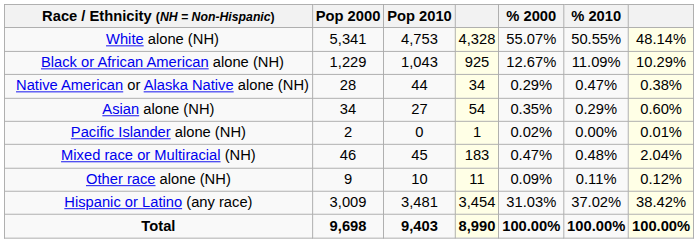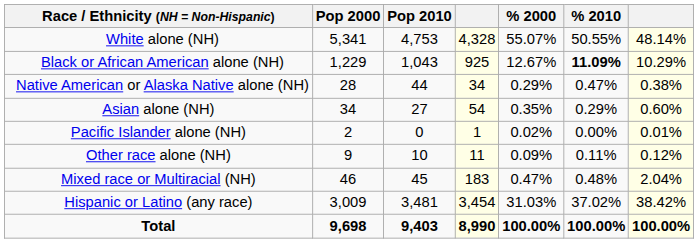 <table class="wikitable" style="text-align:center;">
 <tr>
 <th>Race / Ethnicity <small>(<em>NH = Non-Hispanic</em>)</small></th>
 <th>Pop 2000</th>
 <th>Pop 2010</th>
 <th></th>
 <th>% 2000</th>
 <th>% 2010</th>
 <th></th>
 </tr>
 <tr>
 <td>  <a href='#'>White</a> alone (NH)</td>
 <td>5,341</td>
 <td>4,753</td>
 <td style='background: #ffffe6;'>4,328</td>
 <td>55.07%</td>
 <td>50.55%</td>
 <td style='background: #ffffe6;'>48.14%</td>
 </tr>
 <tr>
 <td>  <a href='#'>Black or African American</a> alone (NH)</td>
 <td>1,229</td>
 <td>1,043</td>
 <td style='background: #ffffe6;'>925</td>
 <td>12.67%</td>
-<td>11.09%</td>
+<td><strong>11.09%</strong></td>
 <td style='background: #ffffe6;'>10.29%</td>
 </tr>
 <tr>
 <td>  <a href='#'>Native American</a> or <a href='#'>Alaska Native</a> alone (NH)</td>
 <td>28</td>
 <td>44</td>
 <td style='background: #ffffe6;'>34</td>
 <td>0.29%</td>
 <td>0.47%</td>
 <td style='background: #ffffe6;'>0.38%</td>
 </tr>
 <tr>
 <td><a href='#'>Asian</a> alone (NH)</td>
 <td>34</td>
 <td>27</td>
 <td style='background: #ffffe6;'>54</td>
 <td>0.35%</td>
 <td>0.29%</td>
 <td style='background: #ffffe6;'>0.60%</td>
 </tr>
 <tr>
 <td><a href='#'>Pacific Islander</a> alone (NH)</td>
 <td>2</td>
 <td>0</td>
 <td style='background: #ffffe6;'>1</td>
 <td>0.02%</td>
 <td>0.00%</td>
 <td style='background: #ffffe6;'>0.01%</td>
 </tr>
 <tr>
+<td><a href='#'>Other race</a> alone (NH)</td>
+<td>9</td>
+<td>10</td>
+<td style='background: #ffffe6;'>11</td>
+<td>0.09%</td>
+<td>0.11%</td>
+<td style='background: #ffffe6;'>0.12%</td>
+</tr>
+<tr>
 <td><a href='#'>Mixed race or Multiracial</a> (NH)</td>
 <td>46</td>
 <td>45</td>
 <td style='background: #ffffe6;'>183</td>
 <td>0.47%</td>
 <td>0.48%</td>
 <td style='background: #ffffe6;'>2.04%</td>
-</tr>
-<tr>
-<td><a href='#'>Other race</a> alone (NH)</td>
-<td>9</td>
-<td>10</td>
-<td style='background: #ffffe6;'>11</td>
-<td>0.09%</td>
-<td>0.11%</td>
-<td style='background: #ffffe6;'>0.12%</td>
 </tr>
 <tr>
 <td><a href='#'>Hispanic or Latino</a> (any race)</td>
 <td>3,009</td>
 <td>3,481</td>
 <td style='background: #ffffe6;'>3,454</td>
 <td>31.03%</td>
 <td>37.02%</td>
 <td style='background: #ffffe6;'>38.42%</td>
 </tr>
 <tr>
 <td><strong>Total</strong></td>
 <td><strong>9,698</strong></td>
 <td><strong>9,403</strong></td>
 <td style='background: #ffffe6;'><strong>8,990</strong></td>
 <td><strong>100.00%</strong></td>
 <td><strong>100.00%</strong></td>
 <td style='background: #ffffe6;'><strong>100.00%</strong></td>
 </tr>
 </table>
